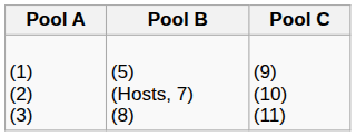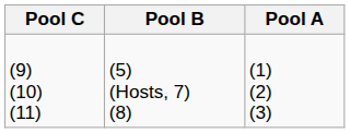 <table class="wikitable">
 <tr>
+<th width=20%>Pool C</th>
+<th width=28%>Pool B</th>
 <th width=20%>Pool A</th>
-<th width=28%>Pool B</th>
-<th width=20%>Pool C</th>
 </tr>
 <tr>
+<td><br> (9)<br>  (10)<br>  (11)</td>
+<td><br> (5)<br>  (Hosts, 7)<br>  (8)</td>
 <td><br> (1)<br>  (2)<br>  (3)</td>
-<td><br> (5)<br>  (Hosts, 7)<br>  (8)</td>
-<td><br> (9)<br>  (10)<br>  (11)</td>
 </tr>
 </table>
